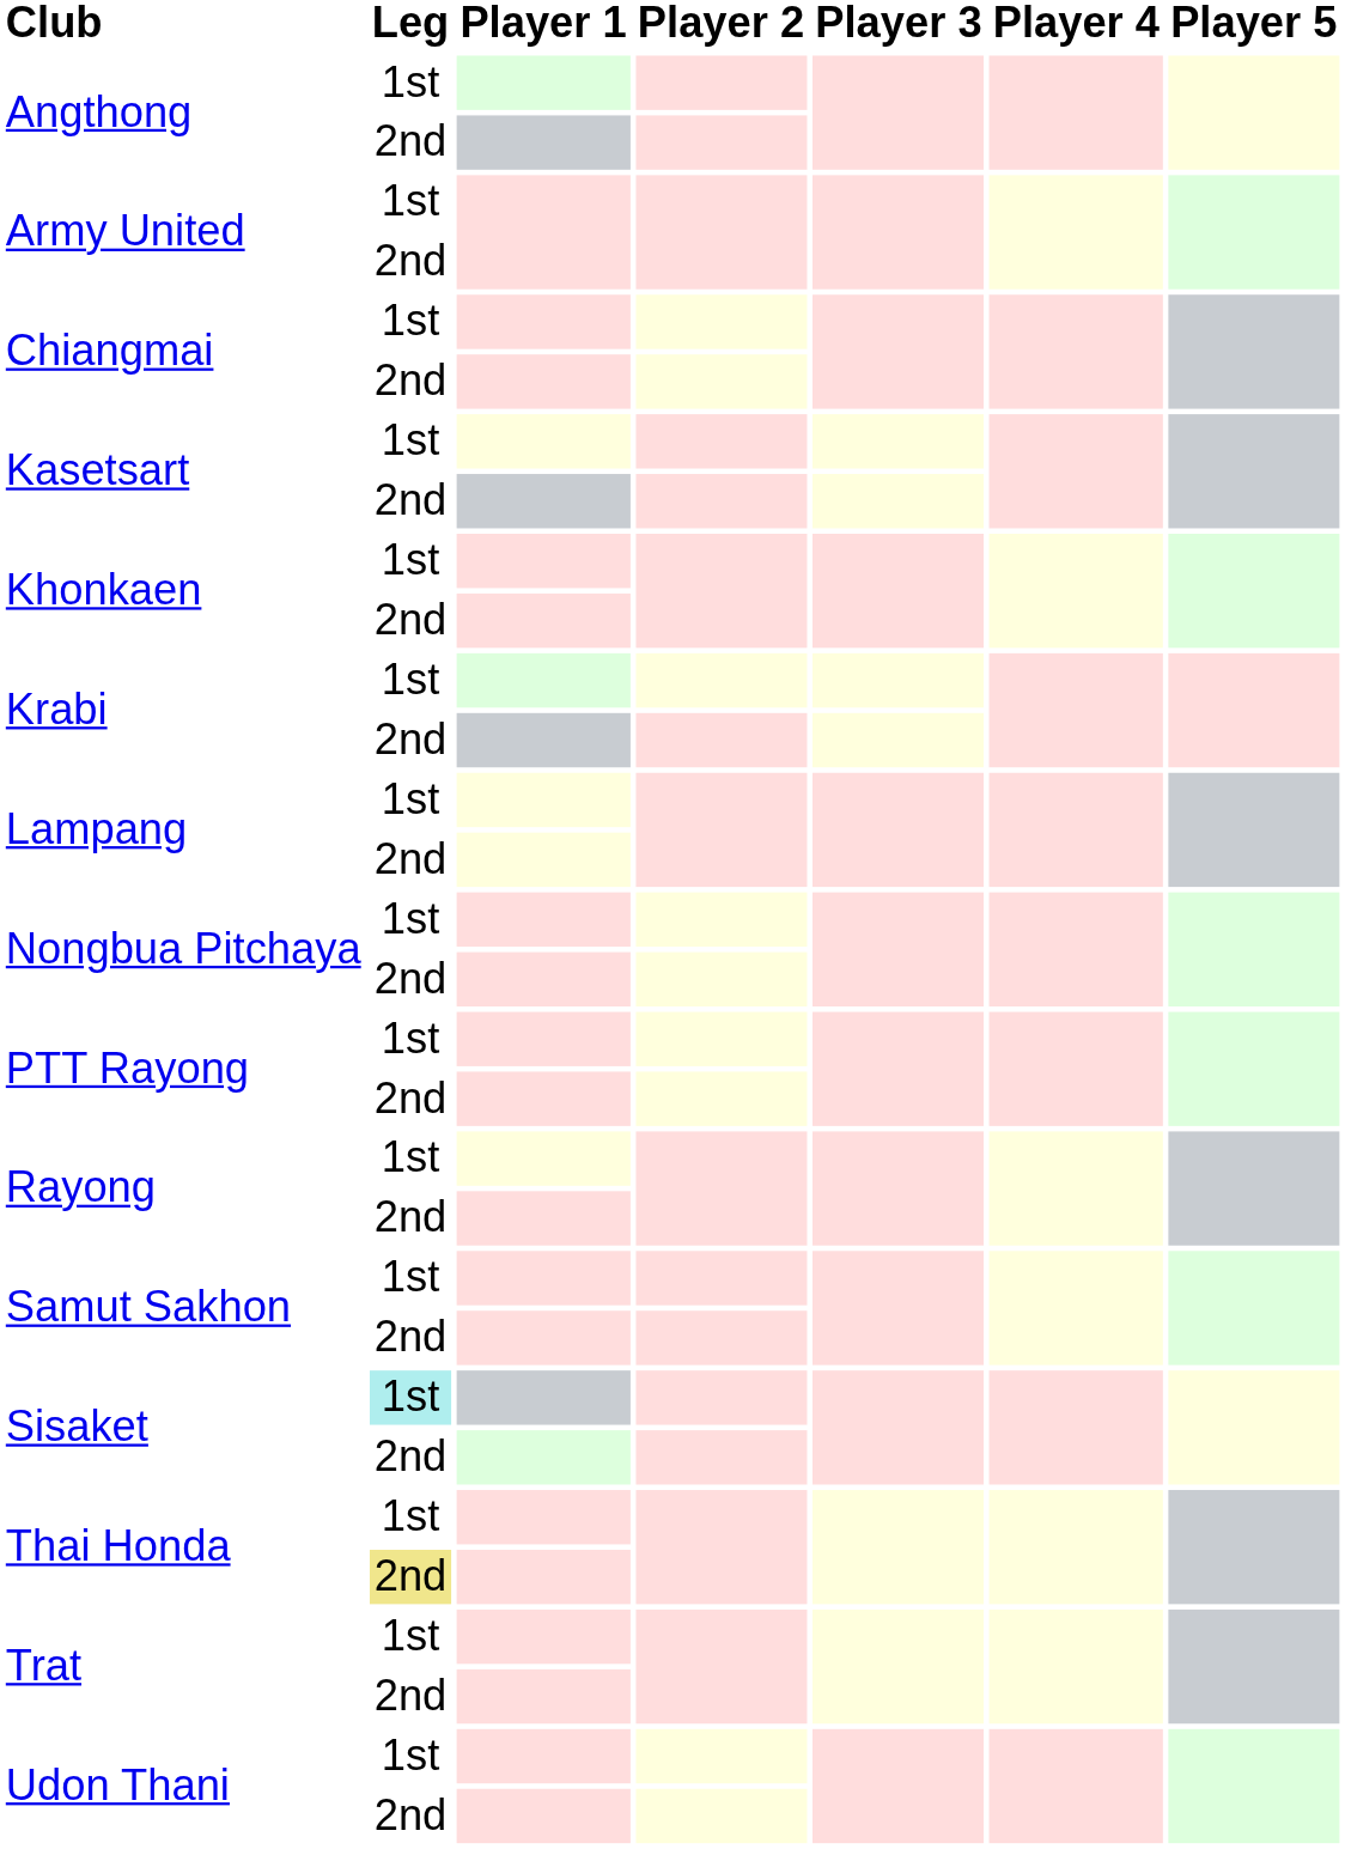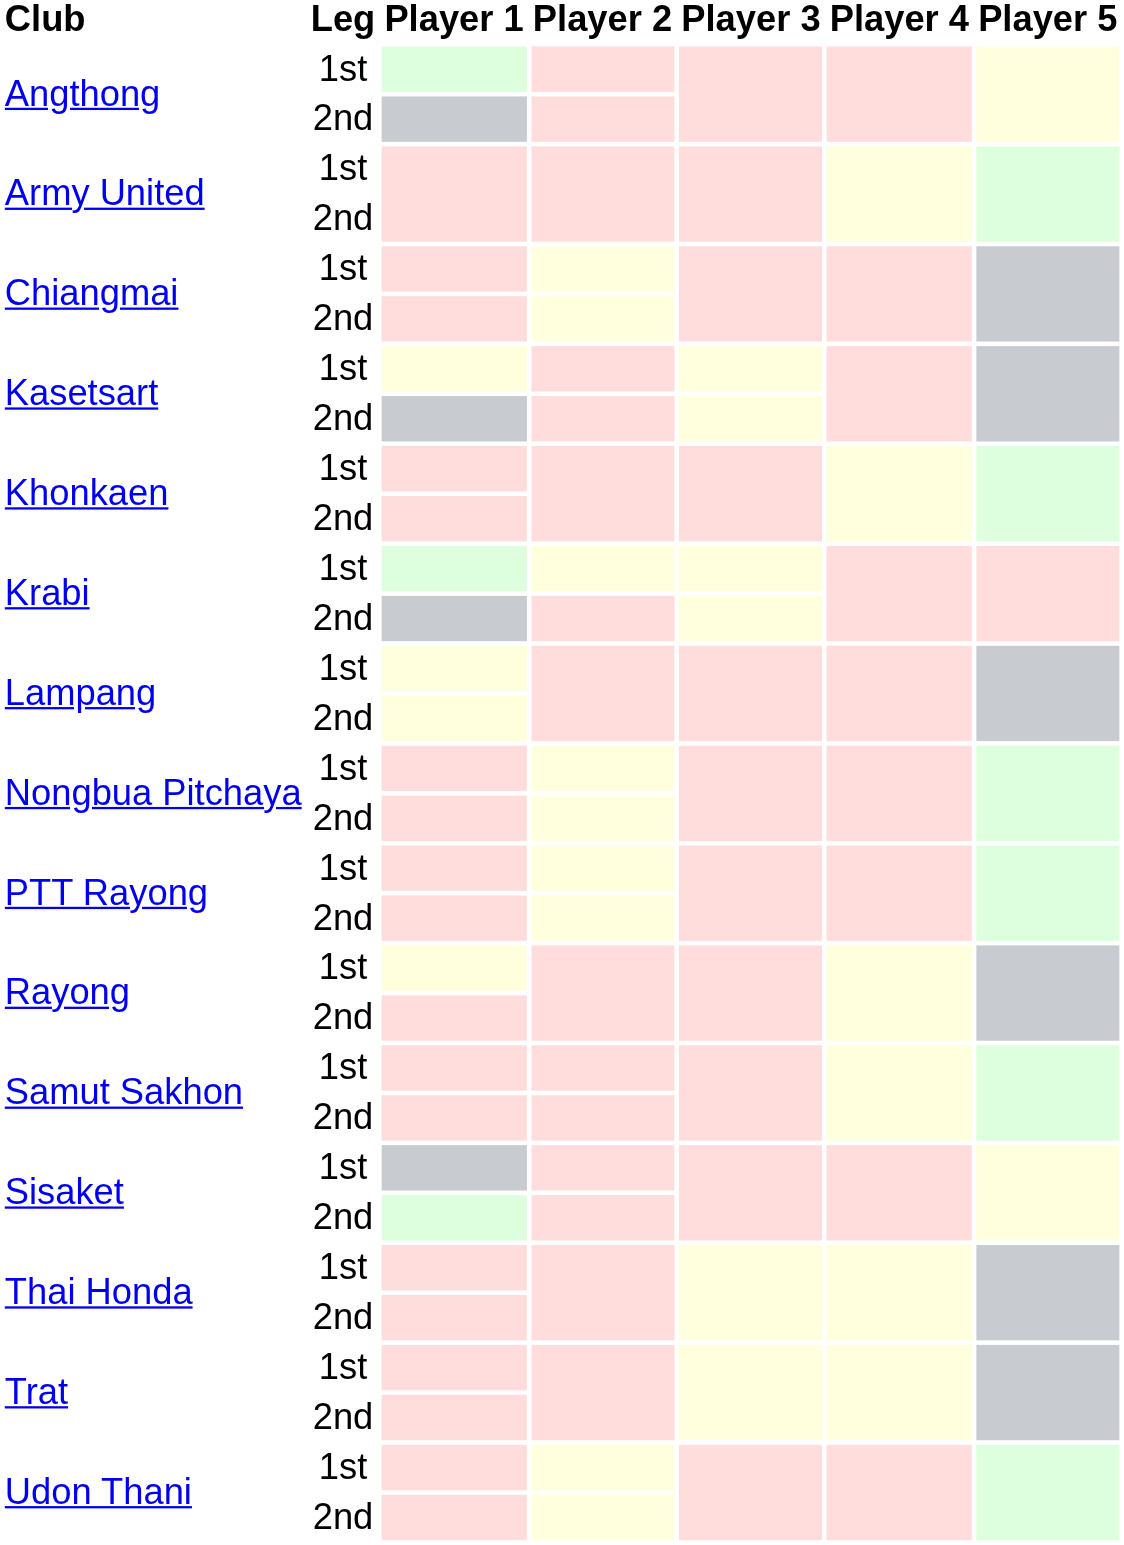 <table class="sortable" style="text-align:left">
 <tr>
 <th>Club</th>
 <th>Leg</th>
 <th>Player 1</th>
 <th>Player 2</th>
 <th>Player 3</th>
 <th>Player 4</th>
 <th>Player 5</th>
 </tr>
 <tr>
 <td rowspan="2"><a href='#'>Angthong</a></td>
 <td align="center">1st</td>
 <td bgcolor="#ddffdd"></td>
 <td bgcolor="#ffdddd"></td>
 <td bgcolor="#ffdddd" rowspan="2"></td>
 <td bgcolor="#ffdddd" rowspan="2"></td>
 <td bgcolor="#ffffdd" rowspan="2"></td>
 </tr>
 <tr>
 <td align="center">2nd</td>
 <td bgcolor="#c8ccd1"></td>
 <td bgcolor="#ffdddd"></td>
 </tr>
 <tr>
 <td rowspan="2"><a href='#'>Army United</a></td>
 <td align="center">1st</td>
 <td bgcolor="#ffdddd" rowspan="2"></td>
 <td bgcolor="#ffdddd" rowspan="2"></td>
 <td bgcolor="#ffdddd" rowspan="2"></td>
 <td bgcolor="#ffffdd" rowspan="2"></td>
 <td bgcolor="#ddffdd" rowspan="2"></td>
 </tr>
 <tr>
 <td align="center">2nd</td>
 </tr>
 <tr>
 <td rowspan="2"><a href='#'>Chiangmai</a></td>
 <td align="center">1st</td>
 <td bgcolor="#ffdddd"></td>
 <td bgcolor="#ffffdd"></td>
 <td bgcolor="#ffdddd" rowspan="2"></td>
 <td bgcolor="#ffdddd" rowspan="2"></td>
 <td bgcolor="#c8ccd1" rowspan="2"></td>
 </tr>
 <tr>
 <td align="center">2nd</td>
 <td bgcolor="#ffdddd"></td>
 <td bgcolor="#ffffdd"></td>
 </tr>
 <tr>
 <td rowspan="2"><a href='#'>Kasetsart</a></td>
 <td align="center">1st</td>
 <td bgcolor="#ffffdd"></td>
 <td bgcolor="#ffdddd"></td>
 <td bgcolor="#ffffdd"></td>
 <td bgcolor="#ffdddd" rowspan="2"></td>
 <td bgcolor="#c8ccd1" rowspan="2"></td>
 </tr>
 <tr>
 <td align="center">2nd</td>
 <td bgcolor="#c8ccd1"></td>
 <td bgcolor="#ffdddd"></td>
 <td bgcolor="#ffffdd"></td>
 </tr>
 <tr>
 <td rowspan="2"><a href='#'>Khonkaen</a></td>
 <td align="center">1st</td>
 <td bgcolor="#ffdddd"></td>
 <td bgcolor="#ffdddd" rowspan="2"></td>
 <td bgcolor="#ffdddd" rowspan="2"></td>
 <td bgcolor="#ffffdd" rowspan="2"></td>
 <td bgcolor="#ddffdd" rowspan="2"></td>
 </tr>
 <tr>
 <td align="center">2nd</td>
 <td bgcolor="#ffdddd"></td>
 </tr>
 <tr>
 <td rowspan="2"><a href='#'>Krabi</a></td>
 <td align="center">1st</td>
 <td bgcolor="#ddffdd"></td>
 <td bgcolor="#ffffdd"></td>
 <td bgcolor="#ffffdd"></td>
 <td bgcolor="#ffdddd" rowspan="2"></td>
 <td bgcolor="#ffdddd" rowspan="2"></td>
 </tr>
 <tr>
 <td align="center">2nd</td>
 <td bgcolor="#c8ccd1"></td>
 <td bgcolor="#ffdddd"></td>
 <td bgcolor="#ffffdd"></td>
 </tr>
 <tr>
 <td rowspan="2"><a href='#'>Lampang</a></td>
 <td align="center">1st</td>
 <td bgcolor="#ffffdd"></td>
 <td bgcolor="#ffdddd" rowspan="2"></td>
 <td bgcolor="#ffdddd" rowspan="2"></td>
 <td bgcolor="#ffdddd" rowspan="2"></td>
 <td bgcolor="#c8ccd1" rowspan="2"></td>
 </tr>
 <tr>
 <td align="center">2nd</td>
 <td bgcolor="#ffffdd"></td>
 </tr>
 <tr>
 <td rowspan="2"><a href='#'>Nongbua Pitchaya</a></td>
 <td align="center">1st</td>
 <td bgcolor="#ffdddd"></td>
 <td bgcolor="#ffffdd"></td>
 <td bgcolor="#ffdddd" rowspan="2"></td>
 <td bgcolor="#ffdddd" rowspan="2"></td>
 <td bgcolor="#ddffdd" rowspan="2"></td>
 </tr>
 <tr>
 <td align="center">2nd</td>
 <td bgcolor="#ffdddd"></td>
 <td bgcolor="#ffffdd"></td>
 </tr>
 <tr>
 <td rowspan="2"><a href='#'>PTT Rayong</a></td>
 <td align="center">1st</td>
 <td bgcolor="#ffdddd"></td>
 <td bgcolor="#ffffdd"></td>
 <td bgcolor="#ffdddd" rowspan="2"></td>
 <td bgcolor="#ffdddd" rowspan="2"></td>
 <td bgcolor="#ddffdd" rowspan="2"></td>
 </tr>
 <tr>
 <td align="center">2nd</td>
 <td bgcolor="#ffdddd"></td>
 <td bgcolor="#ffffdd"></td>
 </tr>
 <tr>
 <td rowspan="2"><a href='#'>Rayong</a></td>
 <td align="center">1st</td>
 <td bgcolor="#ffffdd"></td>
 <td bgcolor="#ffdddd" rowspan="2"></td>
 <td bgcolor="#ffdddd" rowspan="2"></td>
 <td bgcolor="#ffffdd" rowspan="2"></td>
 <td bgcolor="#c8ccd1" rowspan="2"></td>
 </tr>
 <tr>
 <td align="center">2nd</td>
 <td bgcolor="#ffdddd"></td>
 </tr>
 <tr>
 <td rowspan="2"><a href='#'>Samut Sakhon</a></td>
 <td align="center">1st</td>
 <td bgcolor="#ffdddd"></td>
 <td bgcolor="#ffdddd"></td>
 <td bgcolor="#ffdddd" rowspan="2"></td>
 <td bgcolor="#ffffdd" rowspan="2"></td>
 <td bgcolor="#ddffdd" rowspan="2"></td>
 </tr>
 <tr>
 <td align="center">2nd</td>
 <td bgcolor="#ffdddd"></td>
 <td bgcolor="#ffdddd"></td>
 </tr>
 <tr>
 <td rowspan="2"><a href='#'>Sisaket</a></td>
-<td align="center" style="background: paleturquoise;">1st</td>
+<td align="center">1st</td>
 <td bgcolor="#c8ccd1"></td>
 <td bgcolor="#ffdddd"></td>
 <td bgcolor="#ffdddd" rowspan="2"></td>
 <td bgcolor="#ffdddd" rowspan="2"></td>
 <td bgcolor="#ffffdd" rowspan="2"></td>
 </tr>
 <tr>
 <td align="center">2nd</td>
 <td bgcolor="#ddffdd"></td>
 <td bgcolor="#ffdddd"></td>
 </tr>
 <tr>
 <td rowspan="2"><a href='#'>Thai Honda</a></td>
 <td align="center">1st</td>
 <td bgcolor="#ffdddd"></td>
 <td bgcolor="#ffdddd" rowspan="2"></td>
 <td bgcolor="#ffffdd" rowspan="2"></td>
 <td bgcolor="#ffffdd" rowspan="2"></td>
 <td bgcolor="#c8ccd1" rowspan="2"></td>
 </tr>
 <tr>
-<td align="center" style="background: khaki;">2nd</td>
+<td align="center">2nd</td>
 <td bgcolor="#ffdddd"></td>
 </tr>
 <tr>
 <td rowspan="2"><a href='#'>Trat</a></td>
 <td align="center">1st</td>
 <td bgcolor="#ffdddd"></td>
 <td bgcolor="#ffdddd" rowspan="2"></td>
 <td bgcolor="#ffffdd" rowspan="2"></td>
 <td bgcolor="#ffffdd" rowspan="2"></td>
 <td bgcolor="#c8ccd1" rowspan="2"></td>
 </tr>
 <tr>
 <td align="center">2nd</td>
 <td bgcolor="#ffdddd"></td>
 </tr>
 <tr>
 <td rowspan="2"><a href='#'>Udon Thani</a></td>
 <td align="center">1st</td>
 <td bgcolor="#ffdddd"></td>
 <td bgcolor="#ffffdd"></td>
 <td bgcolor="#ffdddd" rowspan="2"></td>
 <td bgcolor="#ffdddd" rowspan="2"></td>
 <td bgcolor="#ddffdd" rowspan="2"></td>
 </tr>
 <tr>
 <td align="center">2nd</td>
 <td bgcolor="#ffdddd"></td>
 <td bgcolor="#ffffdd"></td>
 </tr>
 </table>
